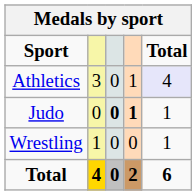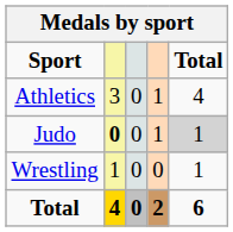 <table class="wikitable" style="font-size:85%; float:right;">
 <tr style="background:#efefef;">
 <th colspan=7><strong>Medals by sport</strong></th>
 </tr>
 <tr align=center>
 <td><strong>Sport</strong></td>
 <td style="background:#f7f6a8;"></td>
 <td style="background:#dce5e5;"></td>
 <td style="background:#ffdab9;"></td>
 <td><strong>Total</strong></td>
 </tr>
 <tr align=center>
 <td><a href='#'>Athletics</a></td>
 <td style="background:#f7f6a8;">3</td>
 <td style="background:#dce5e5;">0</td>
 <td style="background:#ffdab9;">1</td>
-<td style="background: lavender;">4</td>
+<td>4</td>
 </tr>
 <tr align=center>
 <td><a href='#'>Judo</a></td>
-<td style="background:#f7f6a8;">0</td>
-<td style="background:#dce5e5;"><strong>0</strong></td>
-<td style="background:#ffdab9;"><strong>1</strong></td>
-<td>1</td>
+<td style="background:#f7f6a8;"><strong>0</strong></td>
+<td style="background:#dce5e5;">0</td>
+<td style="background:#ffdab9;">1</td>
+<td style="background: lightgrey;">1</td>
 </tr>
 <tr align=center>
 <td><a href='#'>Wrestling</a></td>
 <td style="background:#f7f6a8;">1</td>
 <td style="background:#dce5e5;">0</td>
 <td style="background:#ffdab9;">0</td>
 <td>1</td>
 </tr>
 <tr align=center>
 <td><strong>Total</strong></td>
 <td style="background:gold;"><strong>4</strong></td>
 <td style="background:silver;"><strong>0</strong></td>
 <td style="background:#c96;"><strong>2</strong></td>
 <td><strong>6</strong></td>
 </tr>
 </table>
